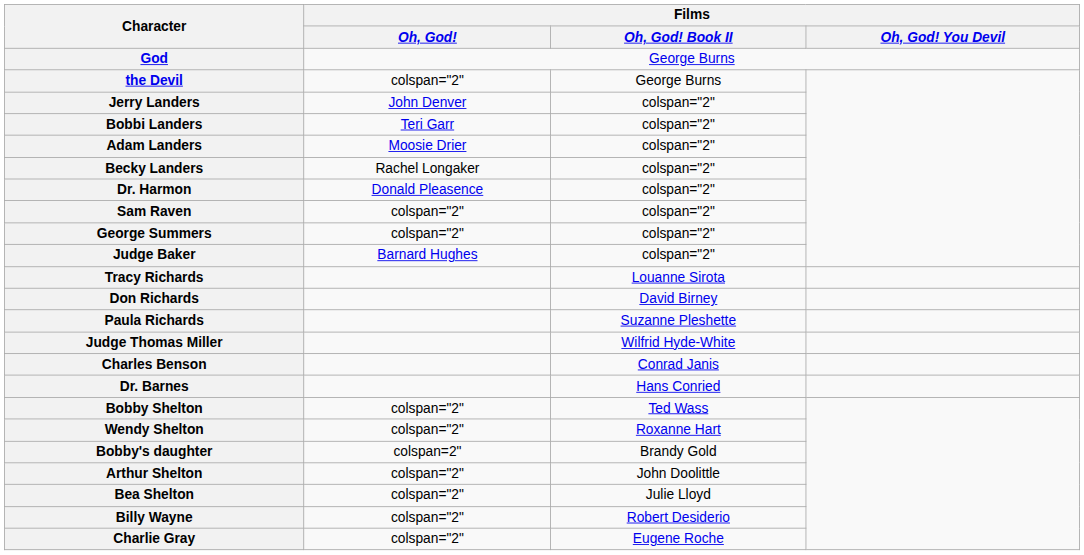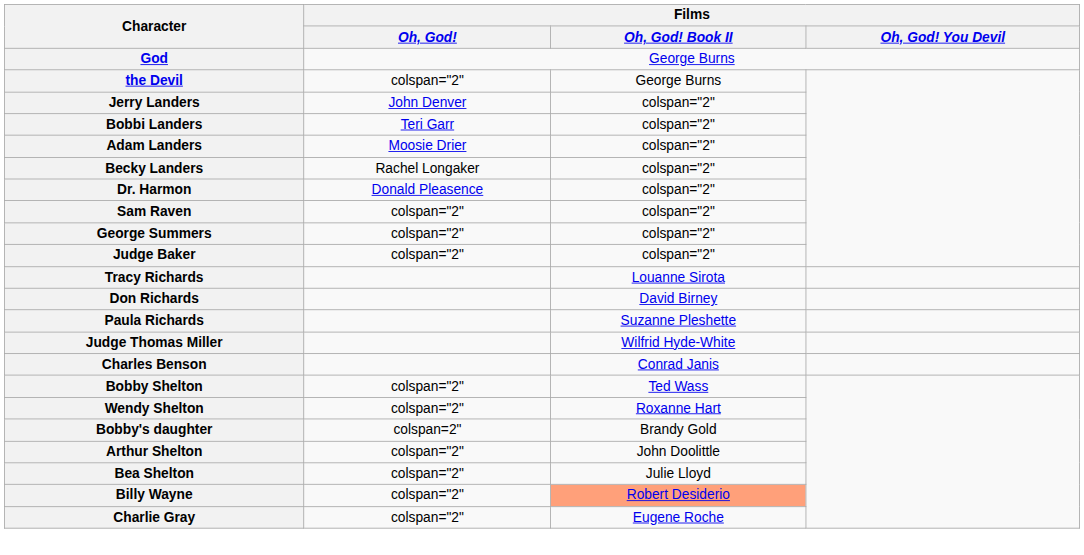 <table class="wikitable" style="text-align:center; width:99%;">
 <tr>
 <th rowspan="2">Character</th>
 <th colspan="3">Films</th>
 </tr>
 <tr>
 <th style="text-align:center;"><em><a href='#'>Oh, God!</a></em></th>
 <th style="text-align:center;"><em><a href='#'>Oh, God! Book II</a></em></th>
 <th style="text-align:center;"><em><a href='#'>Oh, God! You Devil</a></em></th>
 </tr>
 <tr>
 <th><a href='#'>God</a></th>
 <td colspan="3"><a href='#'>George Burns</a></td>
 </tr>
 <tr>
 <th><a href='#'>the Devil</a> <br></th>
 <td>colspan="2" </td>
 <td>George Burns</td>
 </tr>
 <tr>
 <th>Jerry Landers</th>
 <td><a href='#'>John Denver</a></td>
 <td>colspan="2" </td>
 </tr>
 <tr>
 <th>Bobbi Landers</th>
 <td><a href='#'>Teri Garr</a></td>
 <td>colspan="2" </td>
 </tr>
 <tr>
 <th>Adam Landers</th>
 <td><a href='#'>Moosie Drier</a></td>
 <td>colspan="2" </td>
 </tr>
 <tr>
 <th>Becky Landers</th>
 <td>Rachel Longaker</td>
 <td>colspan="2" </td>
 </tr>
 <tr>
 <th>Dr. Harmon</th>
 <td><a href='#'>Donald Pleasence</a></td>
 <td>colspan="2" </td>
 </tr>
 <tr>
 <th>Sam Raven</th>
 <td>colspan="2" </td>
 <td>colspan="2" </td>
 </tr>
 <tr>
 <th>George Summers</th>
 <td>colspan="2" </td>
 <td>colspan="2" </td>
 </tr>
 <tr>
 <th>Judge Baker</th>
-<td><a href='#'>Barnard Hughes</a></td>
+<td>colspan="2" </td>
 <td>colspan="2" </td>
 </tr>
 <tr>
 <th>Tracy Richards</th>
 <td></td>
 <td><a href='#'>Louanne Sirota</a></td>
 <td></td>
 </tr>
 <tr>
 <th>Don Richards</th>
 <td></td>
 <td><a href='#'>David Birney</a></td>
 <td></td>
 </tr>
 <tr>
 <th>Paula Richards</th>
 <td></td>
 <td><a href='#'>Suzanne Pleshette</a></td>
 <td></td>
 </tr>
 <tr>
 <th>Judge Thomas Miller</th>
 <td></td>
 <td><a href='#'>Wilfrid Hyde-White</a></td>
 <td></td>
 </tr>
 <tr>
 <th>Charles Benson</th>
 <td></td>
 <td><a href='#'>Conrad Janis</a></td>
 <td></td>
 </tr>
 <tr>
-<th>Dr. Barnes</th>
-<td></td>
-<td><a href='#'>Hans Conried</a></td>
-<td></td>
-</tr>
-<tr>
 <th>Bobby Shelton <br></th>
 <td>colspan="2" </td>
 <td><a href='#'>Ted Wass</a></td>
 </tr>
 <tr>
 <th>Wendy Shelton</th>
 <td>colspan="2" </td>
 <td><a href='#'>Roxanne Hart</a></td>
 </tr>
 <tr>
 <th>Bobby's daughter</th>
 <td>colspan=2" </td>
 <td>Brandy Gold</td>
 </tr>
 <tr>
 <th>Arthur Shelton</th>
 <td>colspan="2" </td>
 <td>John Doolittle</td>
 </tr>
 <tr>
 <th>Bea Shelton</th>
 <td>colspan="2" </td>
 <td>Julie Lloyd</td>
 </tr>
 <tr>
 <th>Billy Wayne <br></th>
 <td>colspan="2" </td>
-<td><a href='#'>Robert Desiderio</a></td>
+<td style="background: lightsalmon;"><a href='#'>Robert Desiderio</a></td>
 </tr>
 <tr>
 <th>Charlie Gray</th>
 <td>colspan="2" </td>
 <td><a href='#'>Eugene Roche</a></td>
 </tr>
 </table>
